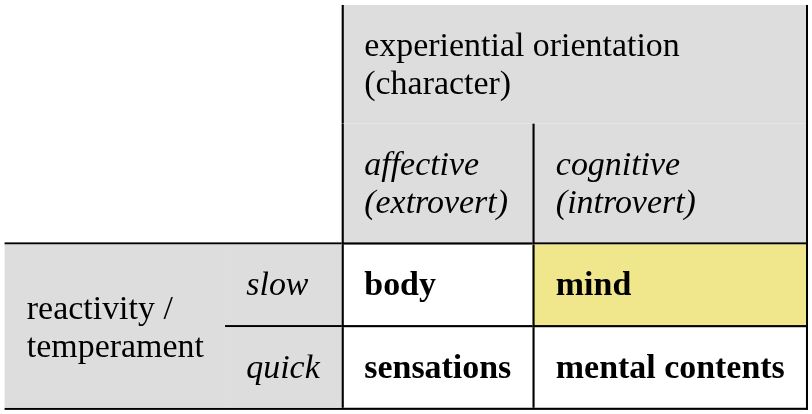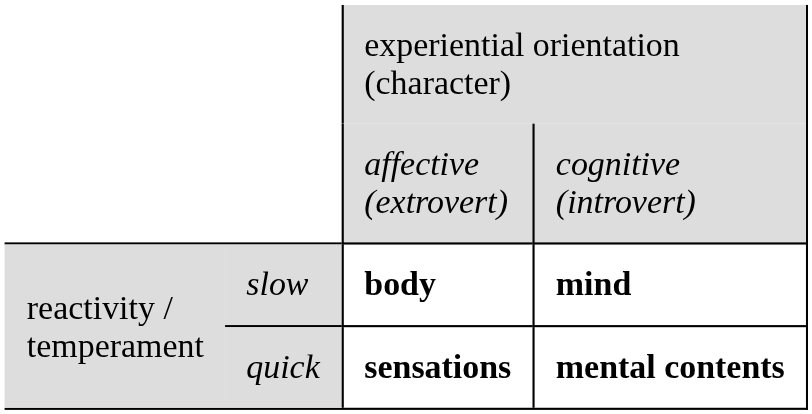 <table style="float:right;border-bottom:1px solid black; border-right:1px solid black; margin:0.5em auto" cellspacing=0 cellpadding=10>
 <tr>
 <td colspan=2> </td>
 <td colspan=2 style="border-left:1px solid black; background:#dddddd">experiential orientation<br>(character)</td>
 </tr>
 <tr>
 <td colspan=2 style="border-bottom:1px solid black;"> </td>
 <td style="border-bottom:1px solid black;border-left:1px solid black; background:#dddddd"><em>affective<br>(extrovert)</em></td>
 <td style="border-bottom:1px solid black;border-left:1px solid black; background:#dddddd"><em>cognitive<br>(introvert)</em></td>
 </tr>
 <tr>
 <td rowspan=2 style="background:#dddddd;">reactivity /<br>temperament</td>
 <td style="border-bottom:1px solid black; background:#dddddd"><em>slow</em></td>
 <td style="border-left:1px solid black; border-bottom:1px solid black;"><strong>body</strong></td>
-<td style="background: khaki; border-left:1px solid black; border-bottom:1px solid black;"><strong>mind</strong></td>
+<td style="border-left:1px solid black; border-bottom:1px solid black;"><strong>mind</strong></td>
 </tr>
 <tr>
 <td style="background:#dddddd"><em>quick</em></td>
 <td style="border-left:1px solid black;"><strong>sensations</strong></td>
 <td style="border-left:1px solid black;"><strong>mental contents</strong></td>
 </tr>
 </table>
